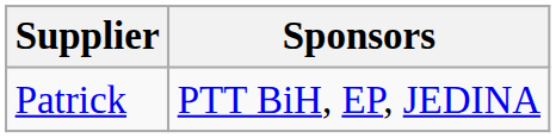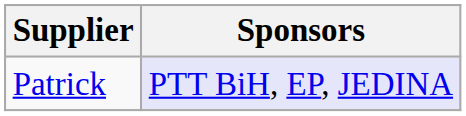 <table class="wikitable">
 <tr>
 <th>Supplier</th>
 <th>Sponsors</th>
 </tr>
 <tr>
 <td> <a href='#'>Patrick</a></td>
-<td> <a href='#'>PTT BiH</a>,  <a href='#'>EP</a>,  <a href='#'>JEDINA</a></td>
+<td style="background: lavender;"> <a href='#'>PTT BiH</a>,  <a href='#'>EP</a>,  <a href='#'>JEDINA</a></td>
 </tr>
 </table>
